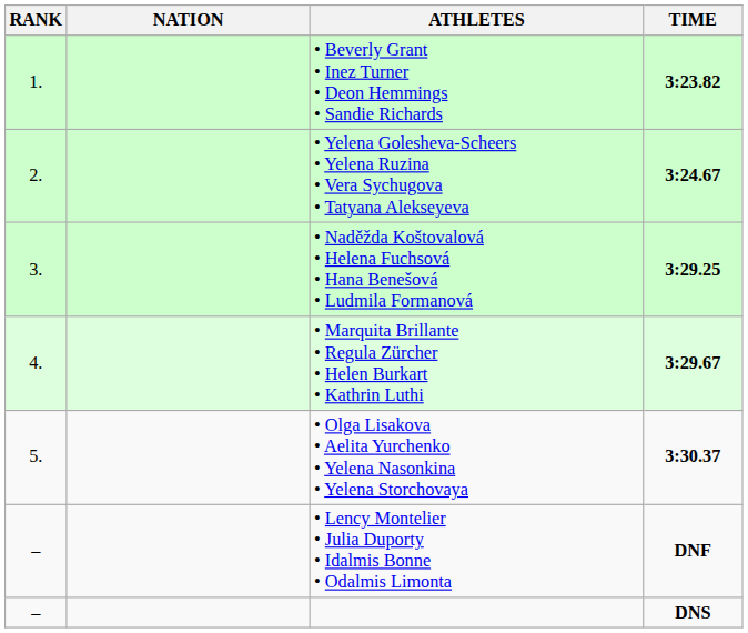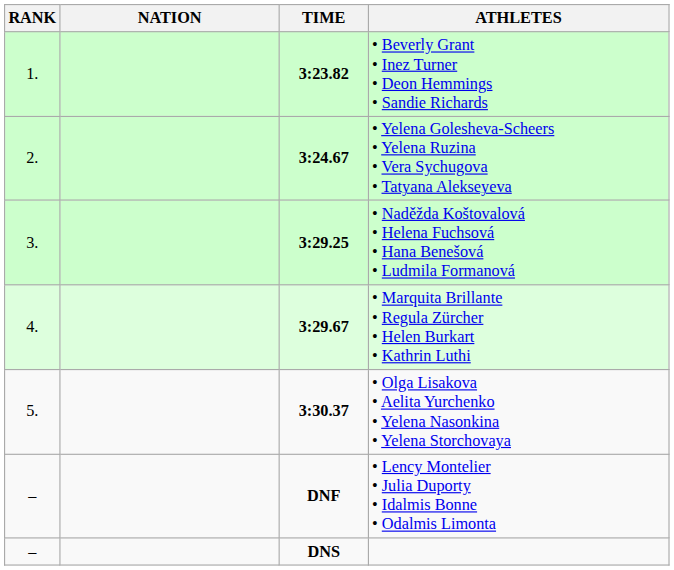 <table class="wikitable" style="border-collapse: collapse; font-size: 90%;">
 <tr>
 <th>RANK</th>
 <th style="width: 13em">NATION</th>
+<th style="width: 5em">TIME</th>
 <th style="width: 18em">ATHLETES</th>
-<th style="width: 5em">TIME</th>
 </tr>
 <tr style="background:#ccffcc;">
 <td align="center">1.</td>
 <td align="center"></td>
+<td align="center"><strong>3:23.82</strong></td>
 <td>• <a href='#'>Beverly Grant</a><br>• <a href='#'>Inez Turner</a><br>• <a href='#'>Deon Hemmings</a><br>• <a href='#'>Sandie Richards</a></td>
-<td align="center"><strong>3:23.82</strong></td>
 </tr>
 <tr style="background:#ccffcc;">
 <td align="center">2.</td>
 <td align="center"></td>
+<td align="center"><strong>3:24.67</strong></td>
 <td>• <a href='#'>Yelena Golesheva-Scheers</a><br>• <a href='#'>Yelena Ruzina</a><br>• <a href='#'>Vera Sychugova</a><br>• <a href='#'>Tatyana Alekseyeva</a></td>
-<td align="center"><strong>3:24.67</strong></td>
 </tr>
 <tr style="background:#ccffcc;">
 <td align="center">3.</td>
 <td align="center"></td>
+<td align="center"><strong>3:29.25</strong></td>
 <td>• <a href='#'>Naděžda Koštovalová</a><br>• <a href='#'>Helena Fuchsová</a><br>• <a href='#'>Hana Benešová</a><br>• <a href='#'>Ludmila Formanová</a></td>
-<td align="center"><strong>3:29.25</strong></td>
 </tr>
 <tr style="background:#ddffdd;">
 <td align="center">4.</td>
 <td align="center"></td>
+<td align="center"><strong>3:29.67</strong></td>
 <td>• <a href='#'>Marquita Brillante</a><br>• <a href='#'>Regula Zürcher</a><br>• <a href='#'>Helen Burkart</a><br>• <a href='#'>Kathrin Luthi</a></td>
-<td align="center"><strong>3:29.67</strong></td>
 </tr>
 <tr>
 <td align="center">5.</td>
 <td align="center"></td>
+<td align="center"><strong>3:30.37</strong></td>
 <td>• <a href='#'>Olga Lisakova</a><br>• <a href='#'>Aelita Yurchenko</a><br>• <a href='#'>Yelena Nasonkina</a><br>• <a href='#'>Yelena Storchovaya</a></td>
-<td align="center"><strong>3:30.37</strong></td>
 </tr>
 <tr>
 <td align="center">–</td>
 <td align="center"></td>
+<td align="center"><strong>DNF</strong></td>
 <td>• <a href='#'>Lency Montelier</a><br>• <a href='#'>Julia Duporty</a><br>• <a href='#'>Idalmis Bonne</a><br>• <a href='#'>Odalmis Limonta</a></td>
-<td align="center"><strong>DNF</strong></td>
 </tr>
 <tr>
 <td align="center">–</td>
 <td align="center"></td>
+<td align="center"><strong>DNS</strong></td>
 <td></td>
-<td align="center"><strong>DNS</strong></td>
 </tr>
 </table>
